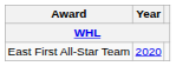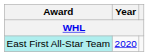 <table class="wikitable">
 <tr>
 <th>Award</th>
 <th>Year</th>
 <th></th>
 </tr>
 <tr ALIGN="center" bgcolor="#e0e0e0">
 <th colspan="3"><a href='#'>WHL</a></th>
 </tr>
 <tr>
-<td>East First All-Star Team</td>
+<td style="background: paleturquoise;">East First All-Star Team</td>
 <td><a href='#'>2020</a></td>
 <td></td>
 </tr>
 </table>
